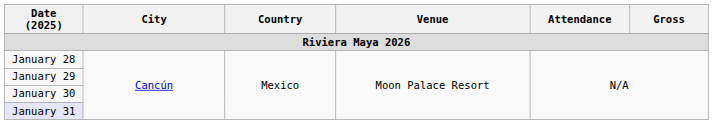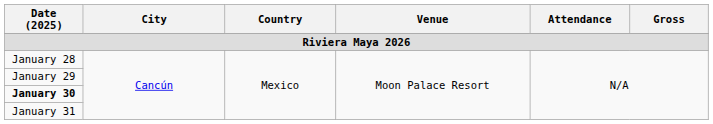 <table class="wikitable plainrowheaders" style="text-align:center;">
 <tr>
 <th scope="col" style="width:7em;">Date<br>(2025)</th>
 <th scope="col" style="width:13em;">City</th>
 <th scope="col" style="width:10em;">Country</th>
 <th scope="col" style="width:18em;">Venue</th>
 <th scope="col" style="width:9em;">Attendance</th>
 <th scope="col" style="width:7em;">Gross</th>
 </tr>
 <tr>
 </tr>
 <tr style="background:#ddd;">
 <td colspan="6" style="text-align:center;"><strong>Riviera Maya 2026</strong></td>
 </tr>
 <tr>
 <td>January 28</td>
 <td rowspan="4"><a href='#'>Cancún</a></td>
 <td rowspan="4">Mexico</td>
 <td rowspan="4">Moon Palace Resort</td>
 <td colspan="2" rowspan="4">N/A</td>
 </tr>
 <tr>
 <td>January 29</td>
 </tr>
 <tr>
-<td>January 30</td>
+<td><strong>January 30</strong></td>
 </tr>
 <tr>
-<td style="background: lavender;">January 31</td>
+<td>January 31</td>
 </tr>
 </table>
